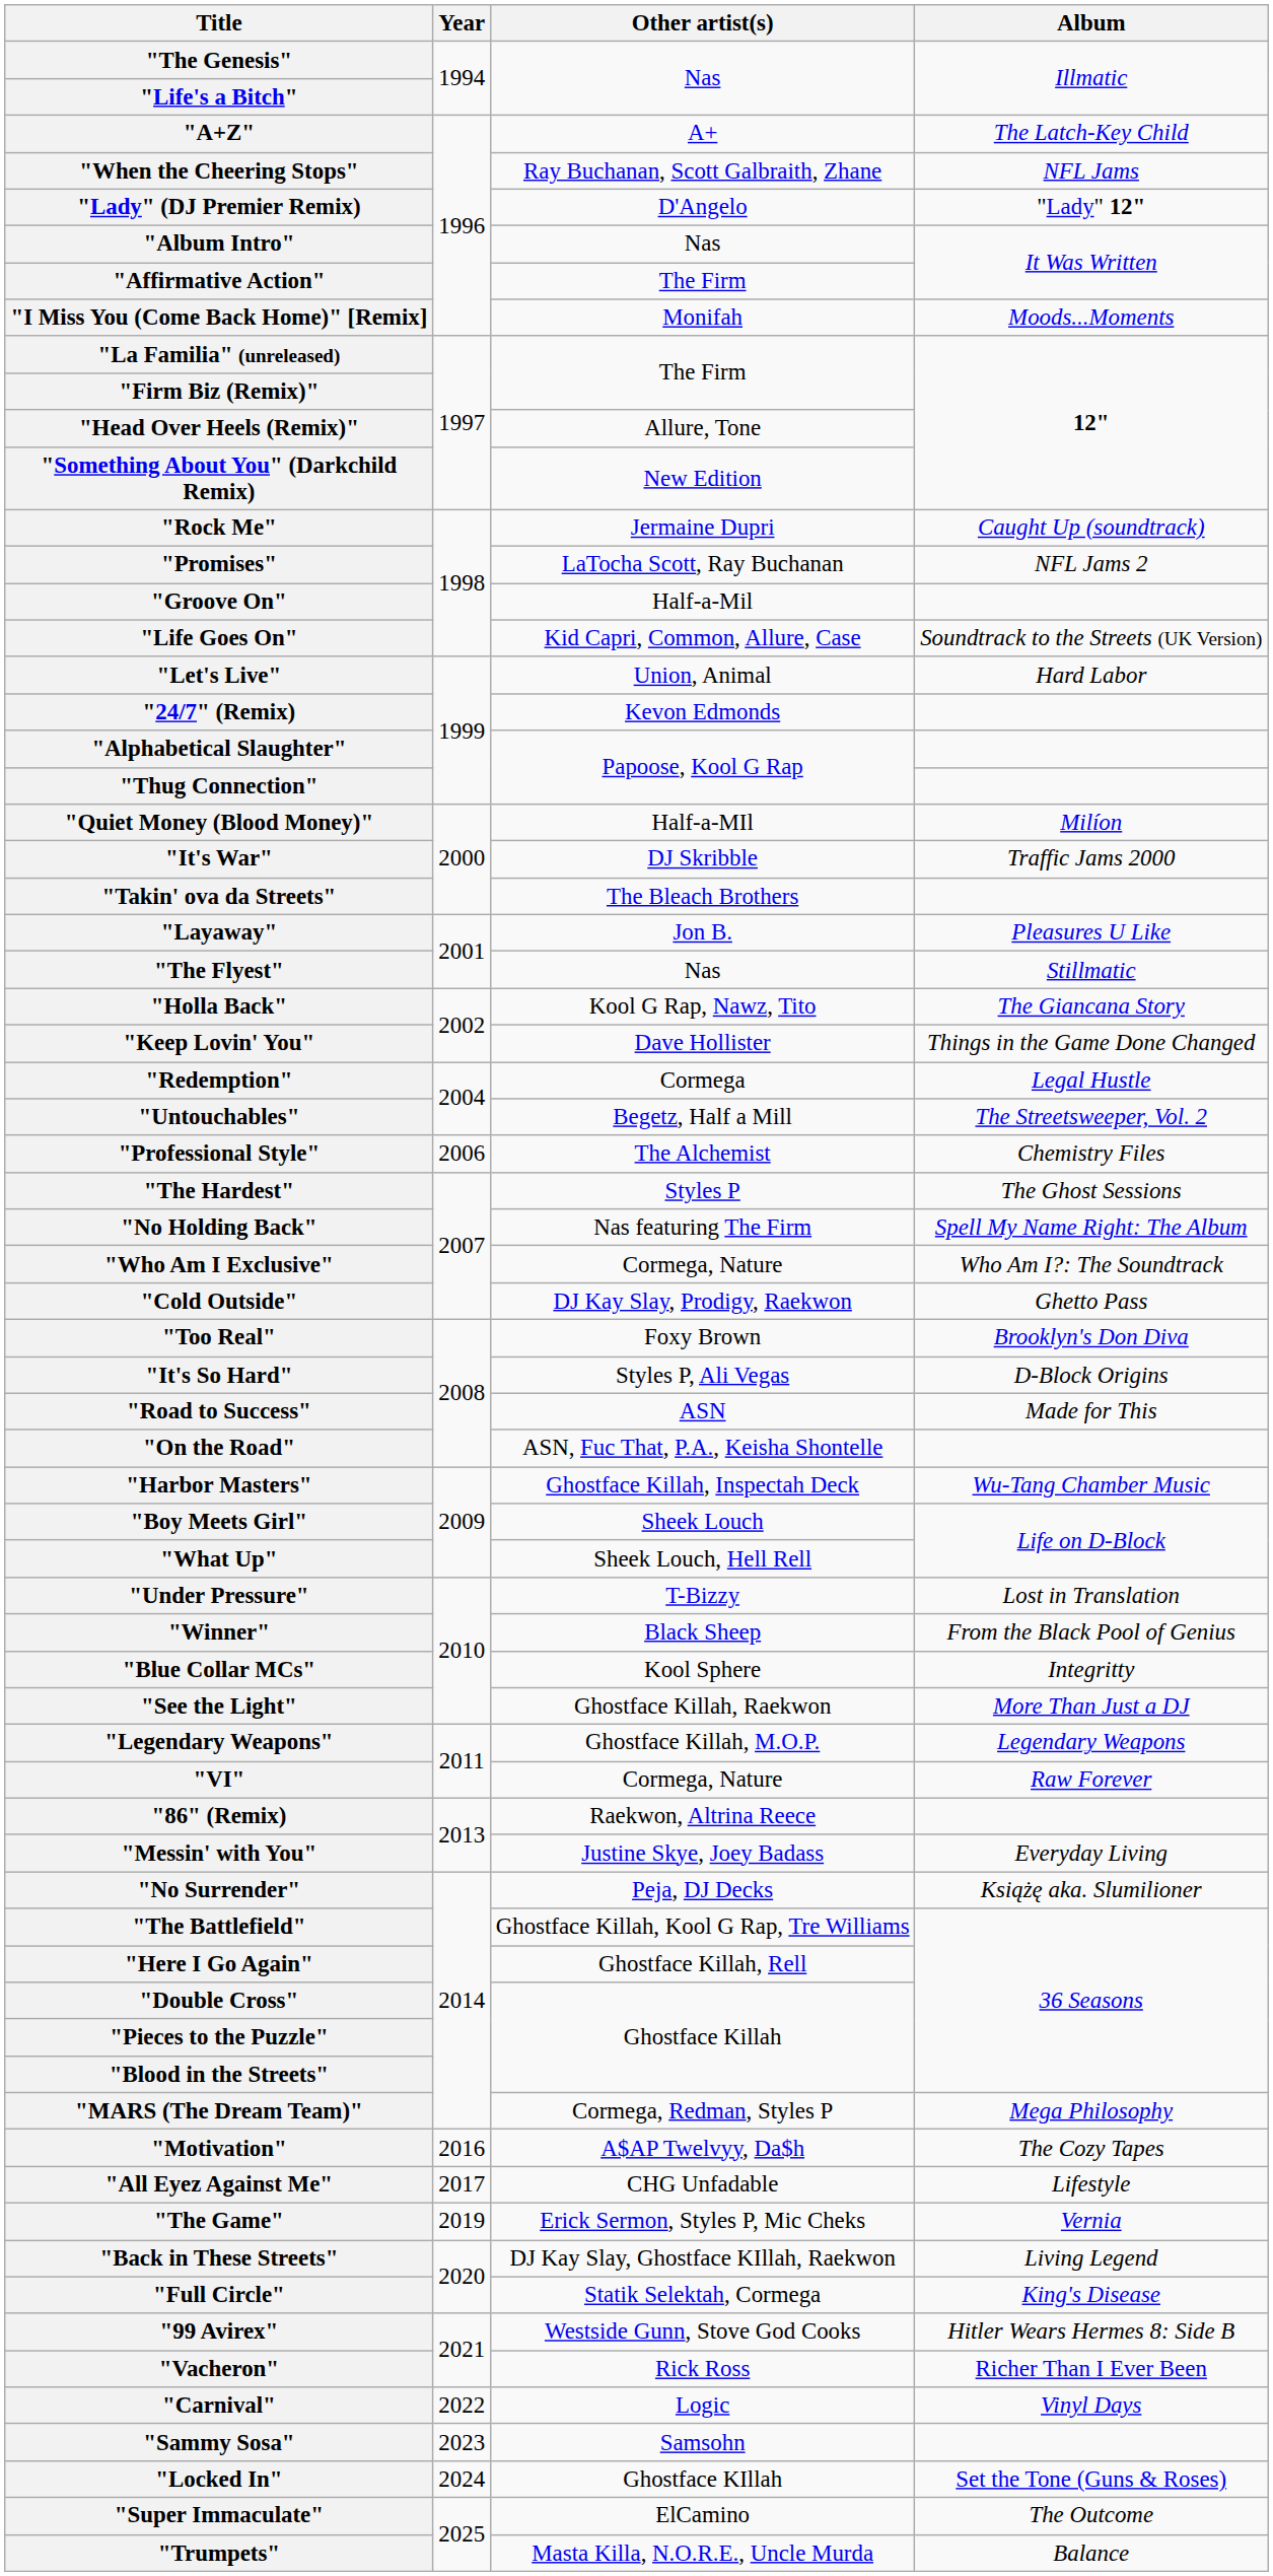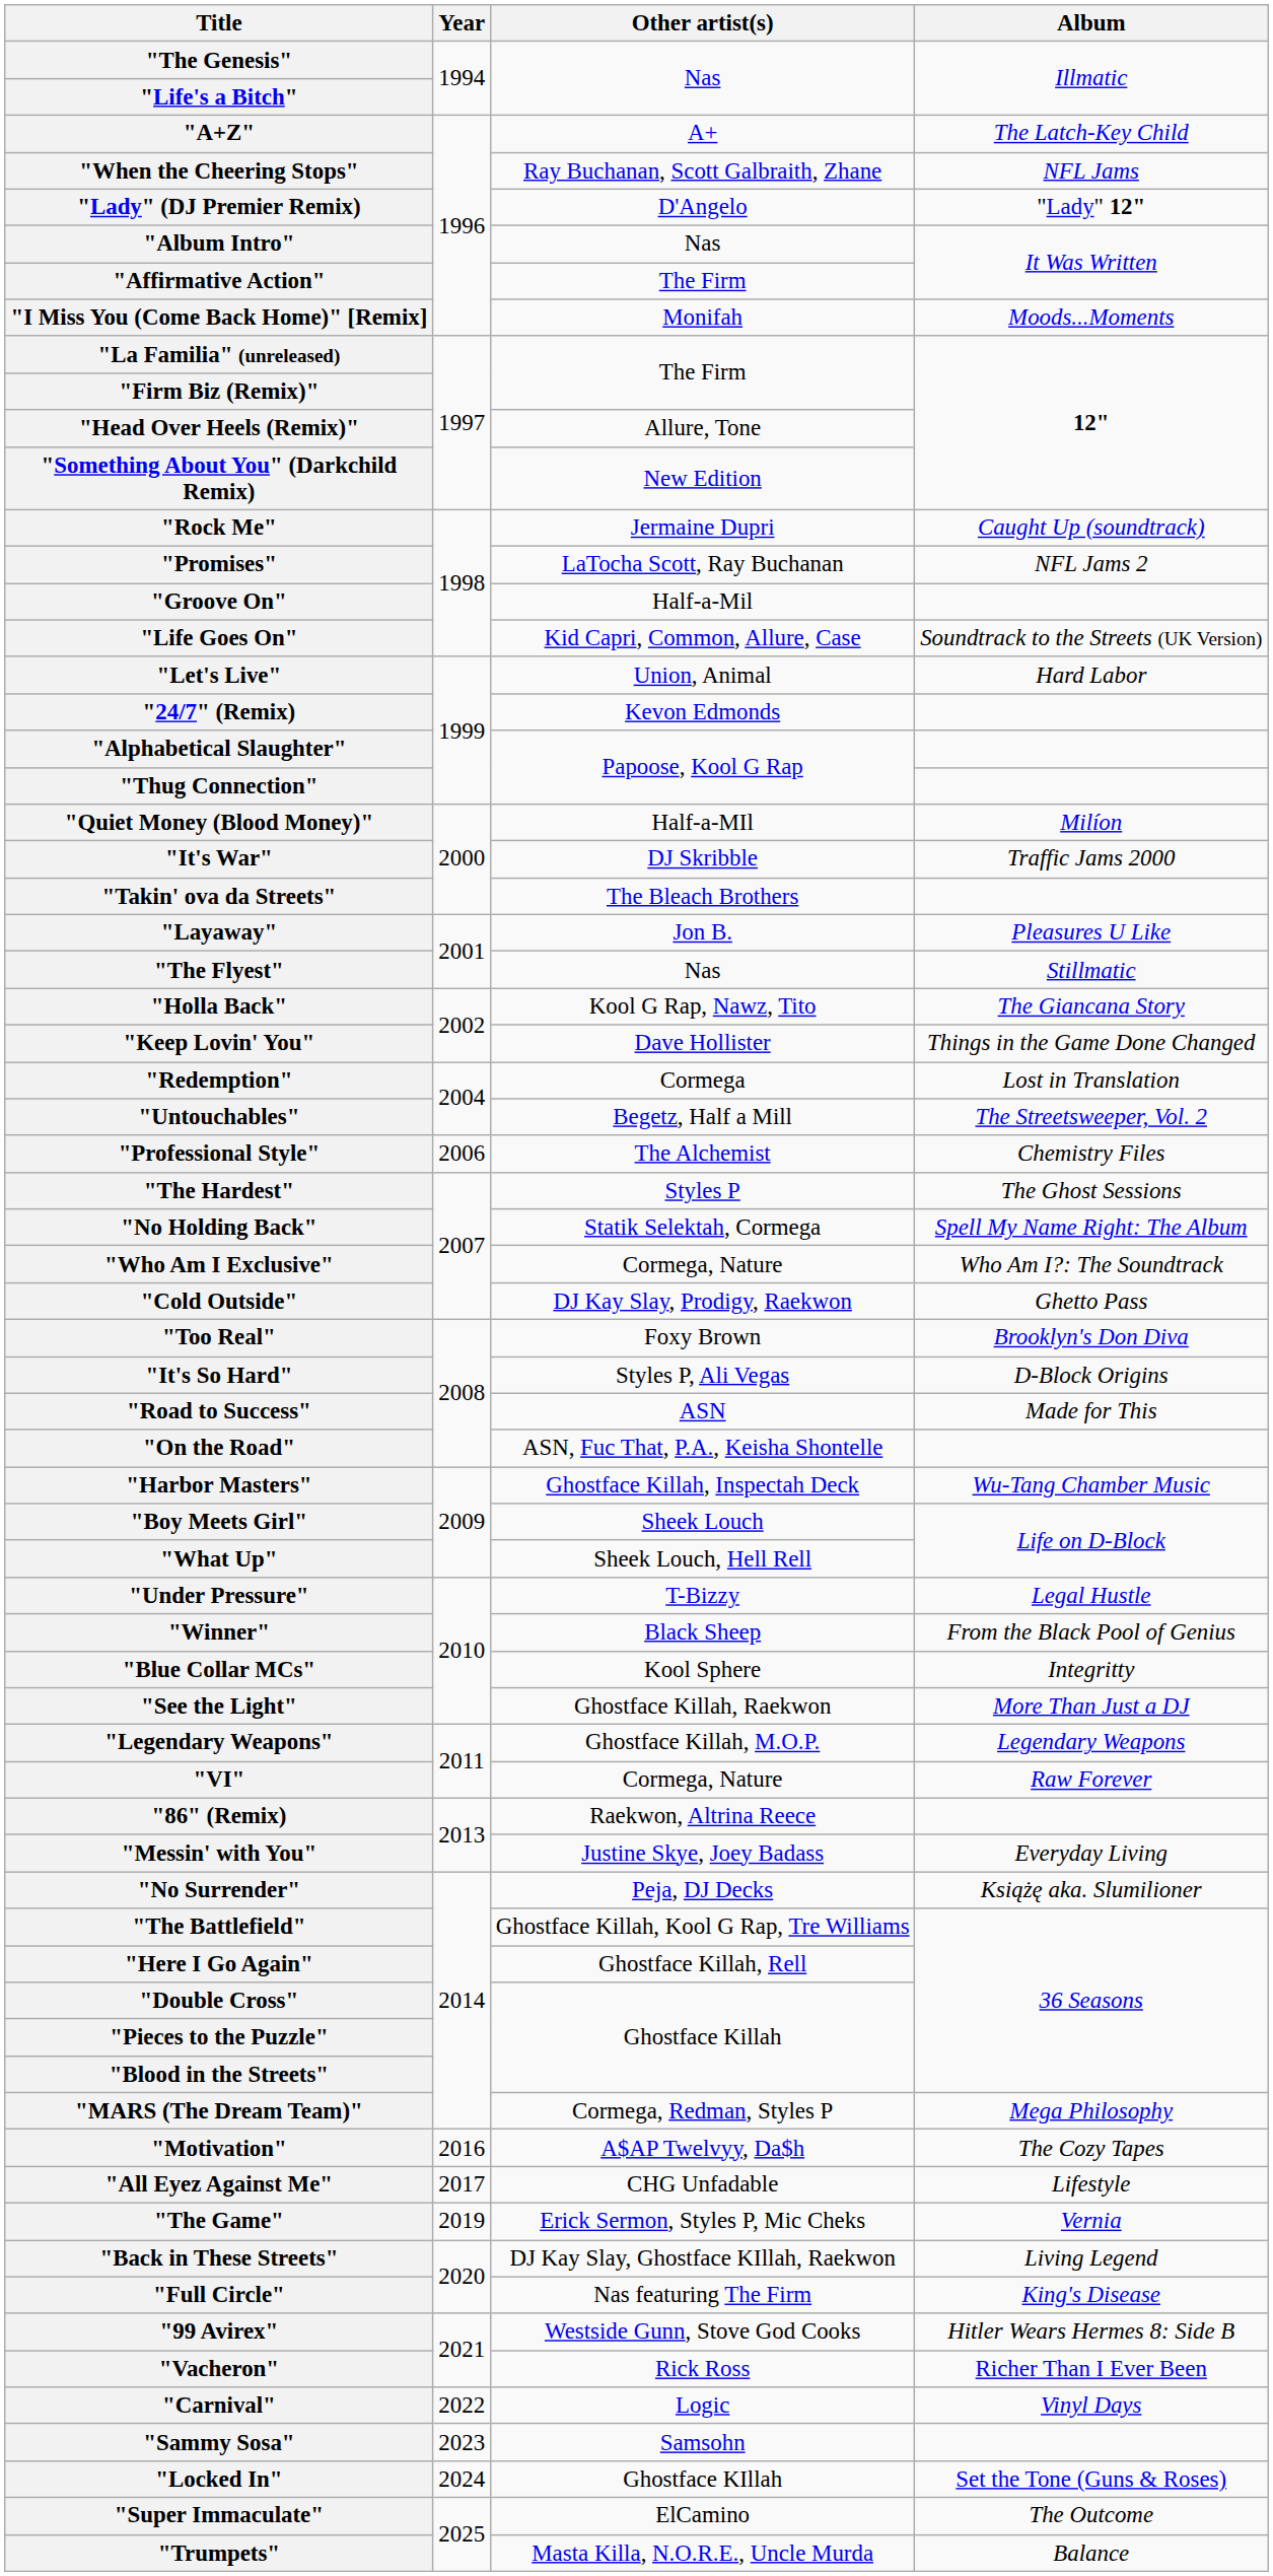 <table class="wikitable plainrowheaders" style="text-align:center;">
 <tr>
 <th scope="col" style="width:18em;">Title</th>
 <th scope="col">Year</th>
 <th scope="col">Other artist(s)</th>
 <th scope="col">Album</th>
 </tr>
 <tr>
 <th scope="row">"The Genesis"</th>
 <td rowspan="2">1994</td>
 <td rowspan="2"><a href='#'>Nas</a></td>
 <td rowspan="2"><em><a href='#'>Illmatic</a></em></td>
 </tr>
 <tr>
 <th scope="row">"<a href='#'>Life's a Bitch</a>"</th>
 </tr>
 <tr>
 <th scope="row">"A+Z"</th>
 <td rowspan="6">1996</td>
 <td><a href='#'>A+</a></td>
 <td><em><a href='#'>The Latch-Key Child</a></em></td>
 </tr>
 <tr>
 <th scope="row">"When the Cheering Stops"</th>
 <td><a href='#'>Ray Buchanan</a>, <a href='#'>Scott Galbraith</a>, <a href='#'>Zhane</a></td>
 <td><em><a href='#'>NFL Jams</a></em></td>
 </tr>
 <tr>
 <th scope="row">"<a href='#'>Lady</a>" (DJ Premier Remix)</th>
 <td><a href='#'>D'Angelo</a></td>
 <td>"<a href='#'>Lady</a>" <strong>12"</strong></td>
 </tr>
 <tr>
 <th scope="row">"Album Intro"</th>
 <td>Nas</td>
 <td rowspan="2"><em><a href='#'>It Was Written</a></em></td>
 </tr>
 <tr>
 <th scope="row">"Affirmative Action"</th>
 <td><a href='#'>The Firm</a></td>
 </tr>
 <tr>
 <th scope="row">"I Miss You (Come Back Home)" [Remix]</th>
 <td><a href='#'>Monifah</a></td>
 <td><em><a href='#'>Moods...Moments</a></em></td>
 </tr>
 <tr>
 <th scope="row">"La Familia" <small>(unreleased)</small></th>
 <td rowspan="4">1997</td>
 <td rowspan="2">The Firm</td>
 <td rowspan="4"><strong>12"</strong></td>
 </tr>
 <tr>
 <th>"Firm Biz (Remix)"</th>
 </tr>
 <tr>
 <th>"Head Over Heels (Remix)"</th>
 <td>Allure, Tone</td>
 </tr>
 <tr>
 <th scope="row">"<a href='#'>Something About You</a>" (Darkchild Remix)</th>
 <td><a href='#'>New Edition</a></td>
 </tr>
 <tr>
 <th scope="row">"Rock Me"</th>
 <td rowspan="4">1998</td>
 <td><a href='#'>Jermaine Dupri</a></td>
 <td><em><a href='#'>Caught Up (soundtrack)</a></em></td>
 </tr>
 <tr>
 <th scope="row">"Promises"</th>
 <td><a href='#'>LaTocha Scott</a>, Ray Buchanan</td>
 <td><em>NFL Jams 2</em></td>
 </tr>
 <tr>
 <th scope="row">"Groove On"</th>
 <td>Half-a-Mil</td>
 <td></td>
 </tr>
 <tr>
 <th scope="row">"Life Goes On"</th>
 <td><a href='#'>Kid Capri</a>, <a href='#'>Common</a>, <a href='#'>Allure</a>, <a href='#'>Case</a></td>
 <td><em>Soundtrack to the Streets</em> <small>(UK Version)</small></td>
 </tr>
 <tr>
 <th scope="row">"Let's Live"</th>
 <td rowspan="4">1999</td>
 <td><a href='#'>Union</a>, Animal</td>
 <td><em>Hard Labor</em></td>
 </tr>
 <tr>
 <th scope="row">"<a href='#'>24/7</a>" (Remix)</th>
 <td><a href='#'>Kevon Edmonds</a></td>
 <td></td>
 </tr>
 <tr>
 <th scope="row">"Alphabetical Slaughter"</th>
 <td rowspan= "2"><a href='#'>Papoose</a>, <a href='#'>Kool G Rap</a></td>
 <td></td>
 </tr>
 <tr>
 <th scope="row">"Thug Connection"</th>
 <td></td>
 </tr>
 <tr>
 <th scope="row">"Quiet Money (Blood Money)"</th>
 <td rowspan="3">2000</td>
 <td>Half-a-MIl</td>
 <td><a href='#'><em>Milíon</em></a></td>
 </tr>
 <tr>
 <th scope="row">"It's War"</th>
 <td><a href='#'>DJ Skribble</a></td>
 <td><em>Traffic Jams 2000</em></td>
 </tr>
 <tr>
 <th scope="row">"Takin' ova da Streets"</th>
 <td><a href='#'>The Bleach Brothers</a></td>
 <td></td>
 </tr>
 <tr>
 <th scope="row">"Layaway"</th>
 <td rowspan="2">2001</td>
 <td><a href='#'>Jon B.</a></td>
 <td><em><a href='#'>Pleasures U Like</a></em></td>
 </tr>
 <tr>
 <th scope="row">"The Flyest"</th>
 <td>Nas</td>
 <td><em><a href='#'>Stillmatic</a></em></td>
 </tr>
 <tr>
 <th scope="row">"Holla Back"</th>
 <td rowspan= "2">2002</td>
 <td>Kool G Rap, <a href='#'>Nawz</a>, <a href='#'>Tito</a></td>
 <td><em><a href='#'>The Giancana Story</a></em></td>
 </tr>
 <tr>
 <th scope="row">"Keep Lovin' You"</th>
 <td><a href='#'>Dave Hollister</a></td>
 <td><em>Things in the Game Done Changed</em></td>
 </tr>
 <tr>
 <th scope="row">"Redemption"</th>
 <td rowspan= "2">2004</td>
 <td>Cormega</td>
-<td><em><a href='#'>Legal Hustle</a></em></td>
+<td><em>Lost in Translation</em></td>
 </tr>
 <tr>
 <th scope="row">"Untouchables"</th>
 <td><a href='#'>Begetz</a>, Half a Mill</td>
 <td><em><a href='#'>The Streetsweeper, Vol. 2</a></em></td>
 </tr>
 <tr>
 <th scope="row">"Professional Style"</th>
 <td>2006</td>
 <td><a href='#'>The Alchemist</a></td>
 <td><em>Chemistry Files</em></td>
 </tr>
 <tr>
 <th scope="row">"The Hardest"</th>
 <td rowspan= "4">2007</td>
 <td><a href='#'>Styles P</a></td>
 <td><em>The Ghost Sessions</em></td>
 </tr>
 <tr>
 <th scope="row">"No Holding Back"</th>
-<td>Nas featuring <a href='#'>The Firm</a></td>
+<td><a href='#'>Statik Selektah</a>, Cormega</td>
 <td><em><a href='#'>Spell My Name Right: The Album</a></em></td>
 </tr>
 <tr>
 <th scope="row">"Who Am I Exclusive"</th>
 <td>Cormega, Nature</td>
 <td><em>Who Am I?: The Soundtrack</em></td>
 </tr>
 <tr>
 <th scope="row">"Cold Outside"</th>
 <td><a href='#'>DJ Kay Slay</a>, <a href='#'>Prodigy</a>, <a href='#'>Raekwon</a></td>
 <td><em>Ghetto Pass</em></td>
 </tr>
 <tr>
 <th scope="row">"Too Real"</th>
 <td rowspan= "4">2008</td>
 <td>Foxy Brown</td>
 <td><em><a href='#'>Brooklyn's Don Diva</a></em></td>
 </tr>
 <tr>
 <th scope="row">"It's So Hard"</th>
 <td>Styles P, <a href='#'>Ali Vegas</a></td>
 <td><em>D-Block Origins</em></td>
 </tr>
 <tr>
 <th scope="row">"Road to Success"</th>
 <td><a href='#'>ASN</a></td>
 <td><em>Made for This</em></td>
 </tr>
 <tr>
 <th scope="row">"On the Road"</th>
 <td>ASN, <a href='#'>Fuc That</a>, <a href='#'>P.A.</a>, <a href='#'>Keisha Shontelle</a></td>
 <td></td>
 </tr>
 <tr>
 <th scope="row">"Harbor Masters"</th>
 <td rowspan= "3">2009</td>
 <td><a href='#'>Ghostface Killah</a>, <a href='#'>Inspectah Deck</a></td>
 <td><em><a href='#'>Wu-Tang Chamber Music</a></em></td>
 </tr>
 <tr>
 <th scope="row">"Boy Meets Girl"</th>
 <td><a href='#'>Sheek Louch</a></td>
 <td rowspan= "2"><em><a href='#'>Life on D-Block</a></em></td>
 </tr>
 <tr>
 <th scope="row">"What Up"</th>
 <td>Sheek Louch, <a href='#'>Hell Rell</a></td>
 </tr>
 <tr>
 <th scope="row">"Under Pressure"</th>
 <td rowspan="4”">2010</td>
 <td><a href='#'>T-Bizzy</a></td>
-<td><em>Lost in Translation</em></td>
+<td><em><a href='#'>Legal Hustle</a></em></td>
 </tr>
 <tr>
 <th scope="row">"Winner"</th>
 <td><a href='#'>Black Sheep</a></td>
 <td><em>From the Black Pool of Genius</em></td>
 </tr>
 <tr>
 <th scope="row">"Blue Collar MCs"</th>
 <td>Kool Sphere</td>
 <td><em>Integritty</em></td>
 </tr>
 <tr>
 <th scope="row">"See the Light"</th>
 <td>Ghostface Killah, Raekwon</td>
 <td><em><a href='#'>More Than Just a DJ</a></em></td>
 </tr>
 <tr>
 <th scope="row">"Legendary Weapons"</th>
 <td rowspan="2">2011</td>
 <td>Ghostface Killah, <a href='#'>M.O.P.</a></td>
 <td><em><a href='#'>Legendary Weapons</a></em></td>
 </tr>
 <tr>
 <th scope="row">"VI"</th>
 <td>Cormega, Nature</td>
 <td><em><a href='#'>Raw Forever</a></em></td>
 </tr>
 <tr>
 <th scope="row">"86" (Remix)</th>
 <td rowspan= "2">2013</td>
 <td>Raekwon, <a href='#'>Altrina Reece</a></td>
 <td></td>
 </tr>
 <tr>
 <th scope="row">"Messin' with You"</th>
 <td><a href='#'>Justine Skye</a>, <a href='#'>Joey Badass</a></td>
 <td><em>Everyday Living</em></td>
 </tr>
 <tr>
 <th scope="row">"No Surrender"</th>
 <td rowspan= "7">2014</td>
 <td><a href='#'>Peja</a>, <a href='#'>DJ Decks</a></td>
 <td><em>Książę aka. Slumilioner</em></td>
 </tr>
 <tr>
 <th scope="row">"The Battlefield"</th>
 <td>Ghostface Killah, Kool G Rap, <a href='#'>Tre Williams</a></td>
 <td rowspan= "5"><em><a href='#'>36 Seasons</a></em></td>
 </tr>
 <tr>
 <th scope="row">"Here I Go Again"</th>
 <td>Ghostface Killah, <a href='#'>Rell</a></td>
 </tr>
 <tr>
 <th scope="row">"Double Cross"</th>
 <td rowspan= "3">Ghostface Killah</td>
 </tr>
 <tr>
 <th scope="row">"Pieces to the Puzzle"</th>
 </tr>
 <tr>
 <th scope="row">"Blood in the Streets"</th>
 </tr>
 <tr>
 <th scope="row">"MARS (The Dream Team)"</th>
 <td>Cormega, <a href='#'>Redman</a>, Styles P</td>
 <td><em><a href='#'>Mega Philosophy</a></em></td>
 </tr>
 <tr>
 <th scope="row">"Motivation"</th>
 <td>2016</td>
 <td><a href='#'>A$AP Twelvyy</a>, <a href='#'>Da$h</a></td>
 <td><em>The Cozy Tapes</em></td>
 </tr>
 <tr>
 <th scope="row">"All Eyez Against Me"</th>
 <td>2017</td>
 <td>CHG Unfadable</td>
 <td><em>Lifestyle</em></td>
 </tr>
 <tr>
 <th scope="row">"The Game"</th>
 <td>2019</td>
 <td><a href='#'>Erick Sermon</a>, Styles P, Mic Cheks</td>
 <td><em><a href='#'>Vernia</a></em></td>
 </tr>
 <tr>
 <th>"Back in These Streets"</th>
 <td rowspan="2">2020</td>
 <td>DJ Kay Slay, Ghostface KIllah, Raekwon</td>
 <td><em>Living Legend</em></td>
 </tr>
 <tr>
 <th scope="row">"Full Circle"</th>
-<td><a href='#'>Statik Selektah</a>, Cormega</td>
+<td>Nas featuring <a href='#'>The Firm</a></td>
 <td><em><a href='#'>King's Disease</a></em></td>
 </tr>
 <tr>
 <th scope="row">"99 Avirex"</th>
 <td rowspan="2">2021</td>
 <td><a href='#'>Westside Gunn</a>, Stove God Cooks</td>
 <td><em>Hitler Wears Hermes 8: Side B</em></td>
 </tr>
 <tr>
 <th scope="row">"Vacheron"</th>
 <td><a href='#'>Rick Ross</a></td>
 <td><a href='#'>Richer Than I Ever Been</a></td>
 </tr>
 <tr>
 <th scope="row">"Carnival"</th>
 <td>2022</td>
 <td><a href='#'>Logic</a></td>
 <td><em><a href='#'>Vinyl Days</a></em></td>
 </tr>
 <tr>
 <th scope="row">"Sammy Sosa"</th>
 <td>2023</td>
 <td><a href='#'>Samsohn</a></td>
 <td></td>
 </tr>
 <tr>
 <th scope="row">"Locked In"</th>
 <td>2024</td>
 <td>Ghostface KIllah</td>
 <td><a href='#'>Set the Tone (Guns & Roses)</a></td>
 </tr>
 <tr>
 <th scope="row">"Super Immaculate"</th>
 <td rowspan="2">2025</td>
 <td>ElCamino</td>
 <td><em>The Outcome</em></td>
 </tr>
 <tr>
 <th scope="row">"Trumpets"</th>
 <td><a href='#'>Masta Killa</a>, <a href='#'>N.O.R.E.</a>, <a href='#'>Uncle Murda</a></td>
 <td><em>Balance</em></td>
 </tr>
 </table>
